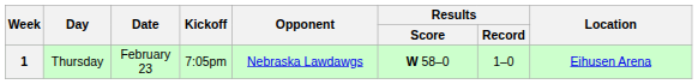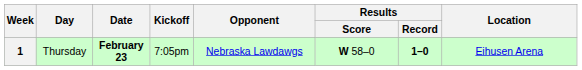 <table class="wikitable">
 <tr>
 <th rowspan="2" width="40">Week</th>
 <th rowspan="2" width="80">Day</th>
 <th rowspan="2" width="80">Date</th>
 <th rowspan="2" width="60">Kickoff</th>
 <th rowspan="2" width="180">Opponent</th>
 <th colspan="2" width="180">Results</th>
 <th rowspan="2" width="200">Location</th>
 </tr>
 <tr>
 <th width="120">Score</th>
 <th width="60">Record</th>
 </tr>
 <tr align="center" bgcolor="#CCFFCC">
 <th>1</th>
 <td>Thursday</td>
-<td>February 23</td>
+<td><strong>February 23</strong></td>
 <td>7:05pm</td>
 <td><a href='#'>Nebraska Lawdawgs</a></td>
 <td><strong>W</strong> 58–0</td>
-<td>1–0</td>
+<td><strong>1–0</strong></td>
 <td><a href='#'>Eihusen Arena</a></td>
 </tr>
 </table>
